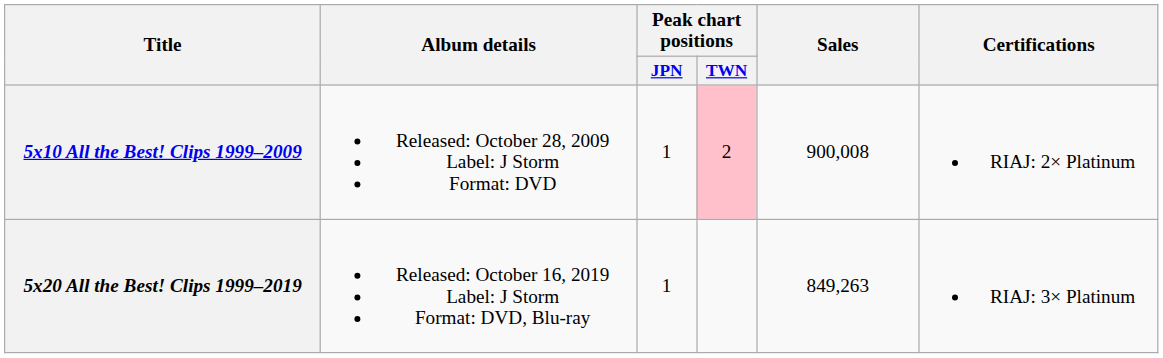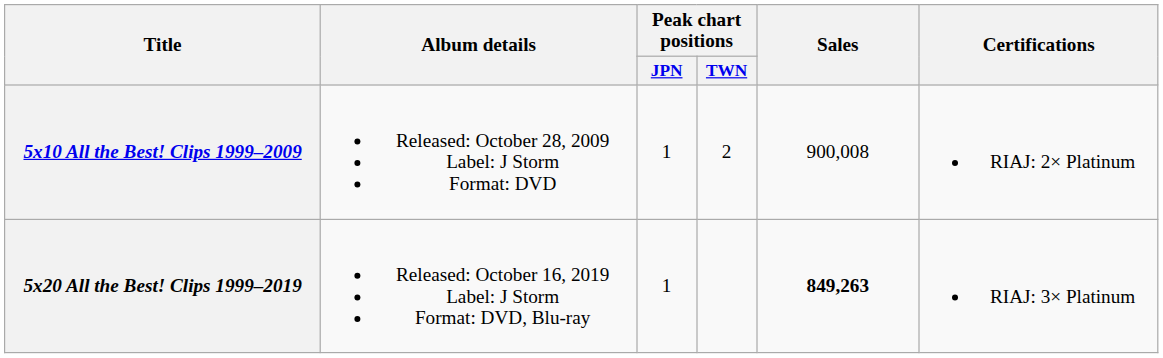 <table class="wikitable plainrowheaders" style="text-align:center;" border="1">
 <tr>
 <th scope="col" rowspan="2" style="width:16em;">Title</th>
 <th scope="col" rowspan="2" style="width:16em;">Album details</th>
 <th scope="col" colspan="2">Peak chart positions</th>
 <th rowspan="2" style="width:8em;">Sales</th>
 <th rowspan="2" scope="col" style="width:12em;">Certifications</th>
 </tr>
 <tr>
 <th scope="col" style="width:3em;font-size:90%;"><a href='#'>JPN</a><br></th>
 <th scope="col" style="width:3em;font-size:90%;"><a href='#'>TWN</a><br></th>
 </tr>
 <tr>
 <th scope="row"><em><a href='#'>5x10 All the Best! Clips 1999–2009</a></em></th>
 <td><br><ul><li>Released: October 28, 2009</li><li>Label: J Storm</li><li>Format: DVD</li></ul></td>
 <td>1</td>
-<td style="background: pink;">2</td>
+<td>2</td>
 <td>900,008</td>
 <td><br><ul><li>RIAJ: 2× Platinum</li></ul></td>
 </tr>
 <tr>
 <th scope="row"><em>5x20 All the Best! Clips 1999–2019</em></th>
 <td><br><ul><li>Released: October 16, 2019</li><li>Label: J Storm</li><li>Format: DVD, Blu-ray</li></ul></td>
 <td>1</td>
 <td></td>
-<td>849,263</td>
+<td><strong>849,263</strong></td>
 <td><br><ul><li>RIAJ: 3× Platinum</li></ul></td>
 </tr>
 </table>
